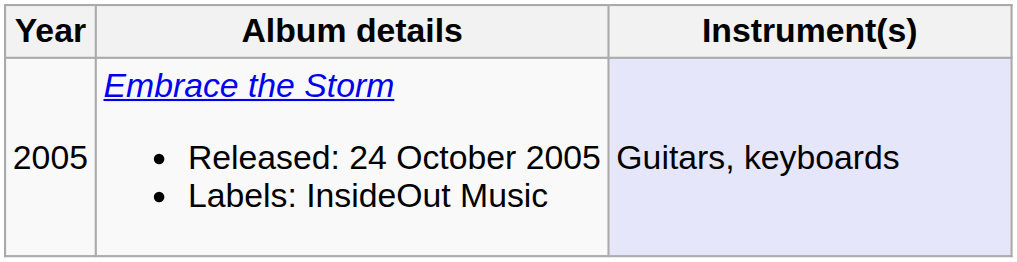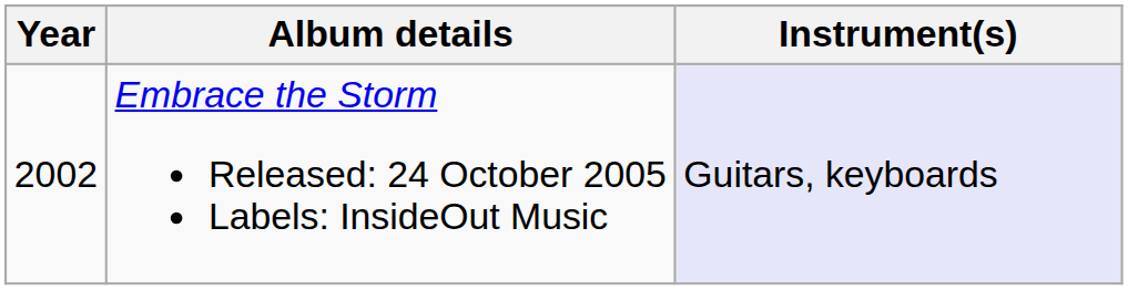 <table class="wikitable">
 <tr>
 <th>Year</th>
 <th>Album details</th>
 <th width=40%>Instrument(s)</th>
 </tr>
 <tr>
-<td>2005</td>
+<td>2002</td>
 <td><em><a href='#'>Embrace the Storm</a></em><br><ul><li>Released: 24 October 2005</li><li>Labels: InsideOut Music</li></ul></td>
 <td style="background: lavender;">Guitars, keyboards</td>
 </tr>
 </table>
